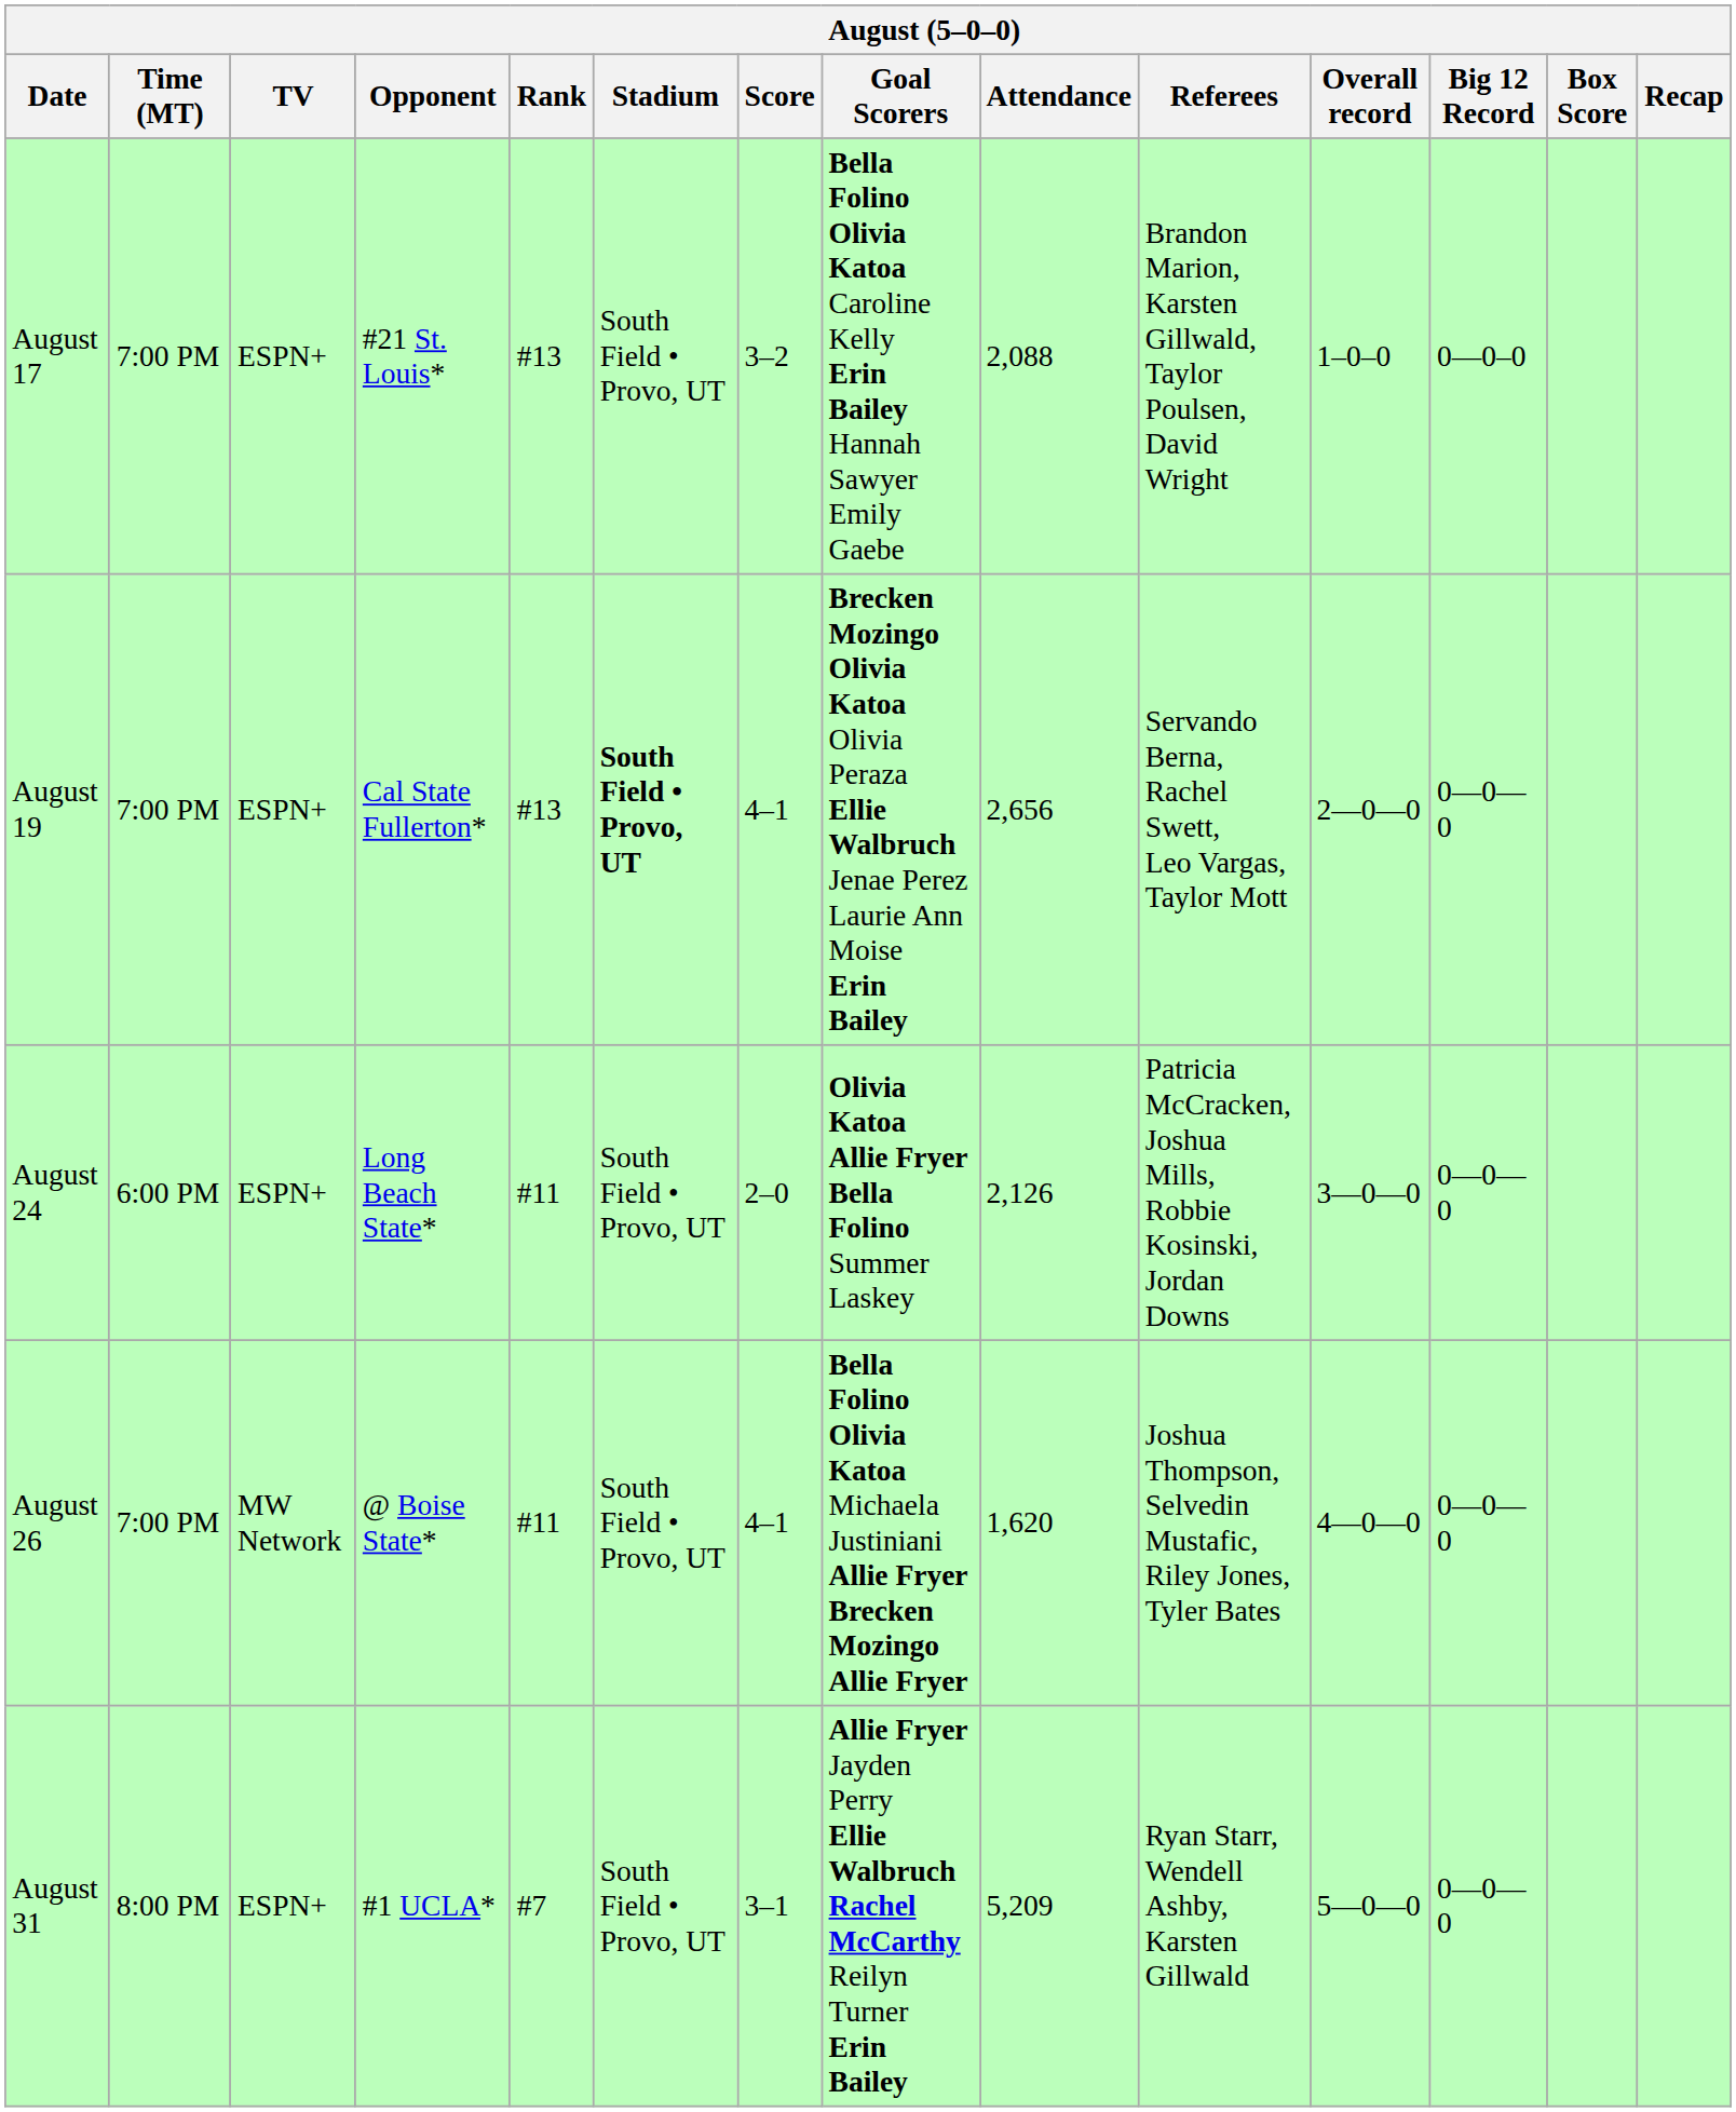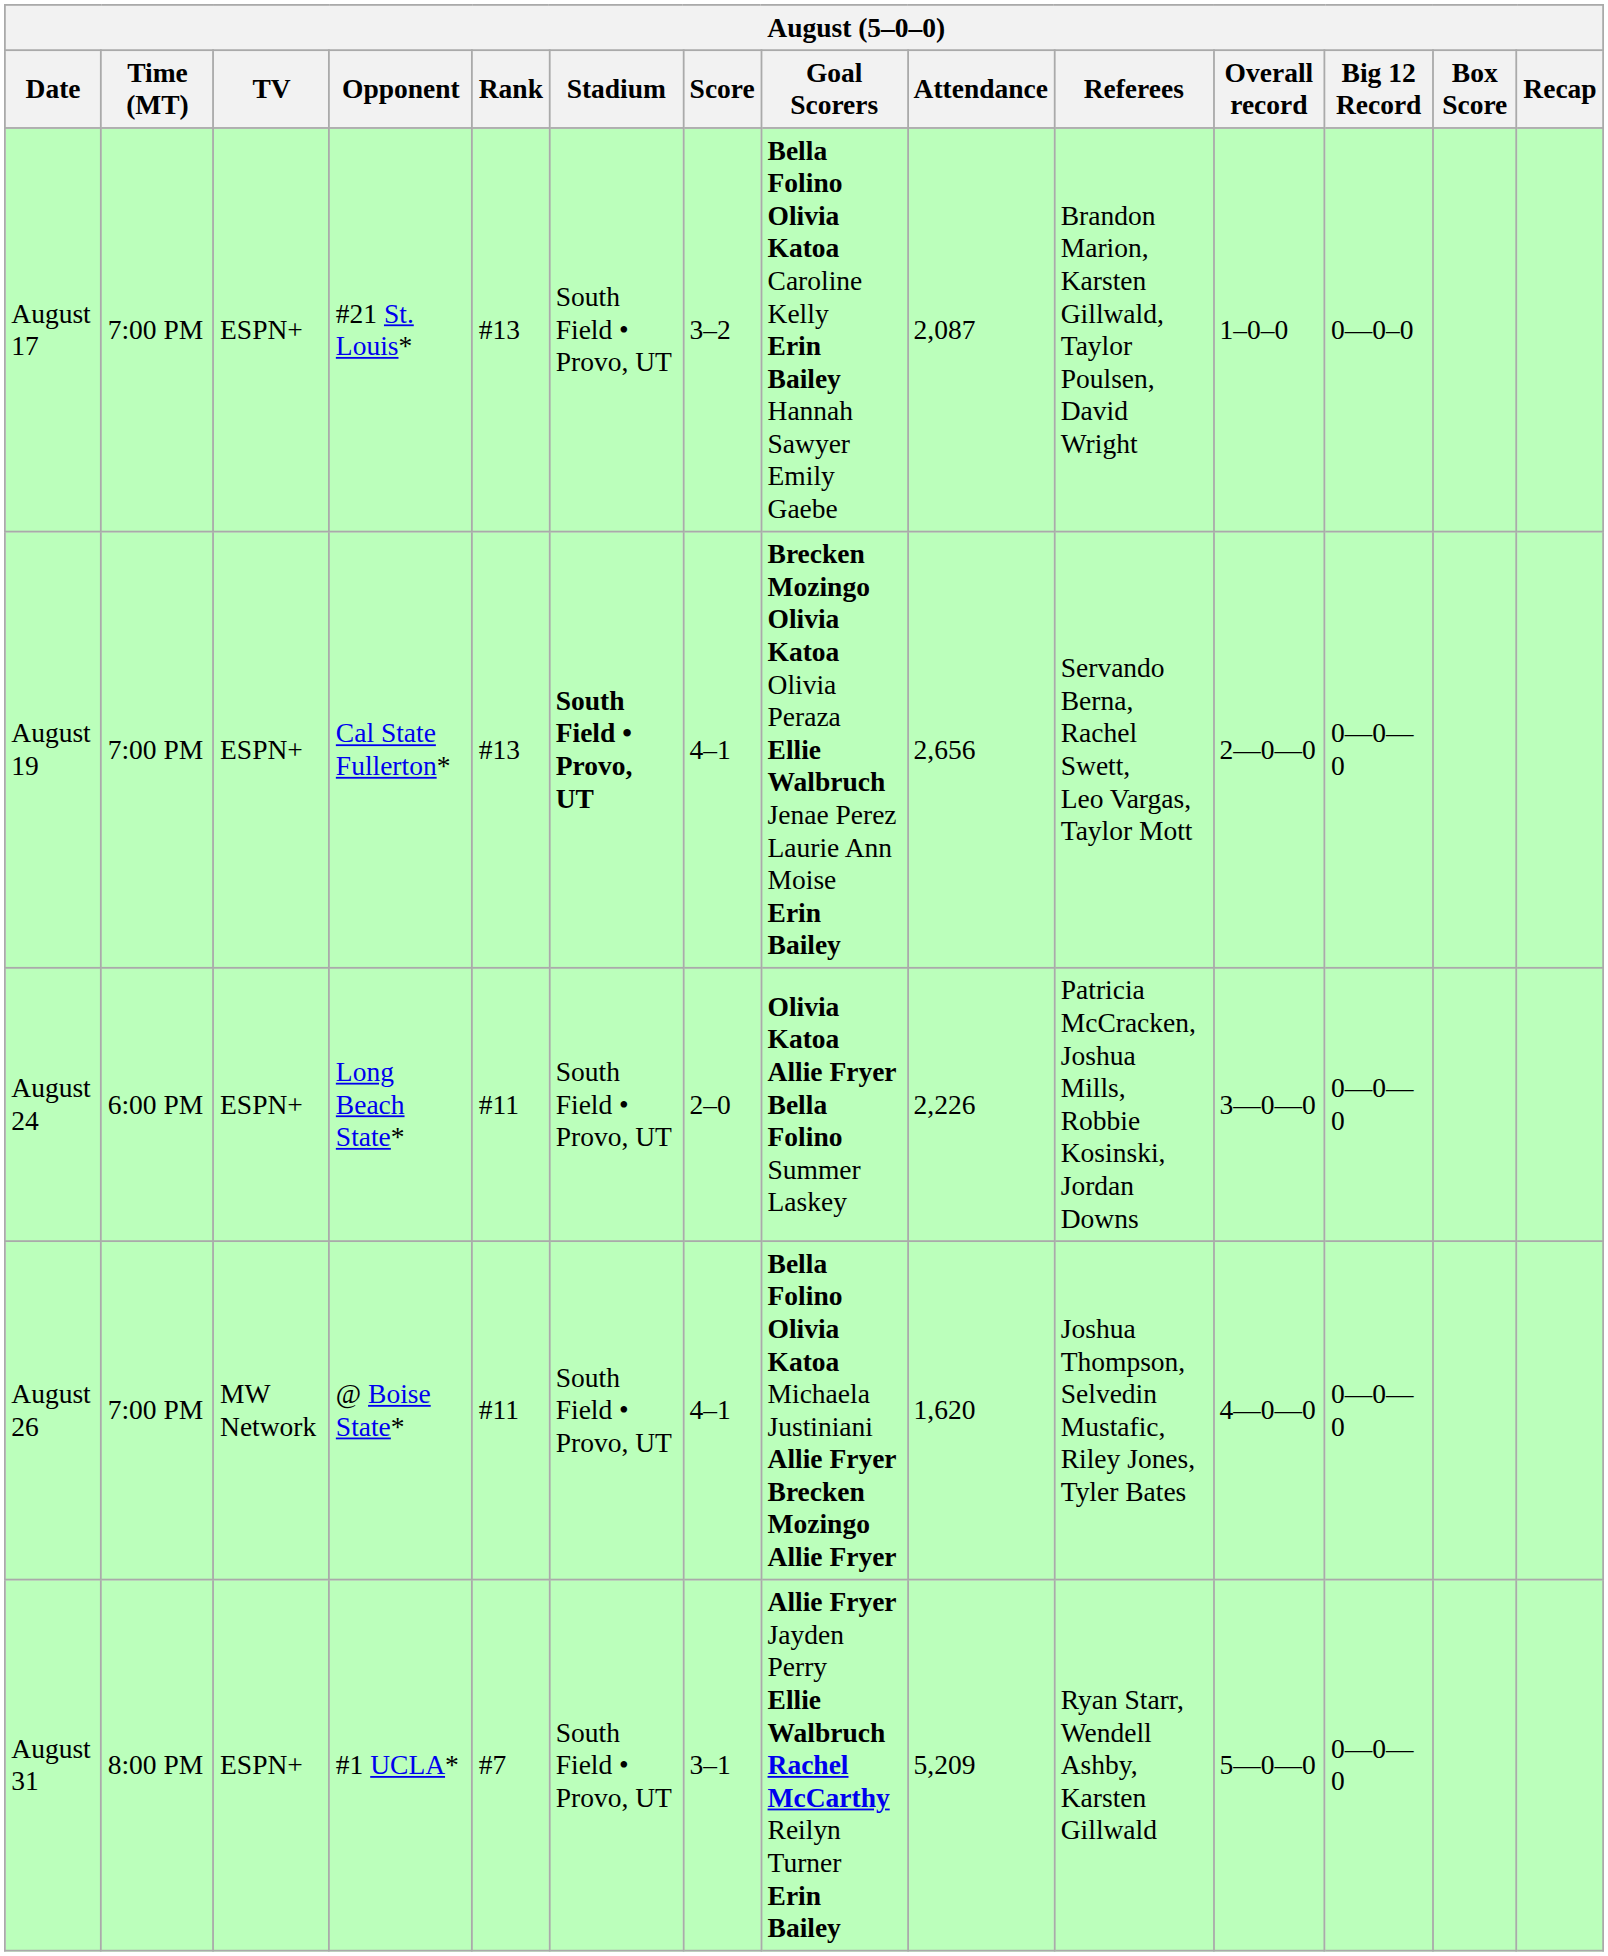 <table class="wikitable collapsible collapsed" style="margin:auto; font-size:95%; width:100%">
 <tr>
 <th colspan=14 style="padding-left:4em;">August (5–0–0)</th>
 </tr>
 <tr>
 <th>Date</th>
 <th>Time (MT)</th>
 <th>TV</th>
 <th>Opponent</th>
 <th>Rank</th>
 <th>Stadium</th>
 <th>Score</th>
 <th>Goal Scorers</th>
 <th>Attendance</th>
 <th>Referees</th>
 <th>Overall record</th>
 <th>Big 12 Record</th>
 <th>Box Score</th>
 <th>Recap</th>
 </tr>
 <tr bgcolor=bbffbb>
 <td>August 17</td>
 <td>7:00 PM</td>
 <td>ESPN+</td>
 <td>#21 <a href='#'>St. Louis</a>*</td>
 <td>#13</td>
 <td>South Field • Provo, UT</td>
 <td>3–2</td>
 <td><strong>Bella Folino</strong>  <br> <strong>Olivia Katoa</strong>  <br>  Caroline Kelly <br> <strong>Erin Bailey</strong>  <br>  Hannah Sawyer <br>  Emily Gaebe</td>
-<td>2,088</td>
+<td>2,087</td>
 <td>Brandon Marion, <br> Karsten Gillwald, <br> Taylor Poulsen, <br> David Wright</td>
 <td>1–0–0</td>
 <td>0—0–0</td>
 <td></td>
 <td></td>
 </tr>
 <tr bgcolor=bbffbb>
 <td>August 19</td>
 <td>7:00 PM</td>
 <td>ESPN+</td>
 <td><a href='#'>Cal State Fullerton</a>*</td>
 <td>#13</td>
 <td><strong>South Field • Provo, UT</strong></td>
 <td>4–1</td>
 <td><strong>Brecken Mozingo</strong>  <br> <strong>Olivia Katoa</strong>  <br>  Olivia Peraza <br> <strong>Ellie Walbruch</strong>  <br>  Jenae Perez <br>  Laurie Ann Moise <br> <strong>Erin Bailey</strong> </td>
 <td>2,656</td>
 <td>Servando Berna, <br> Rachel Swett, <br> Leo Vargas, <br> Taylor Mott</td>
 <td>2—0—0</td>
 <td>0—0—0</td>
 <td></td>
 <td></td>
 </tr>
 <tr bgcolor=bbffbb>
 <td>August 24</td>
 <td>6:00 PM</td>
 <td>ESPN+</td>
 <td><a href='#'>Long Beach State</a>*</td>
 <td>#11</td>
 <td>South Field • Provo, UT</td>
 <td>2–0</td>
 <td><strong>Olivia Katoa</strong>  <br> <strong>Allie Fryer</strong>  <br> <strong>Bella Folino</strong>  <br>  Summer Laskey</td>
-<td>2,126</td>
+<td>2,226</td>
 <td>Patricia McCracken, <br> Joshua Mills, <br> Robbie Kosinski, <br> Jordan Downs</td>
 <td>3—0—0</td>
 <td>0—0—0</td>
 <td></td>
 <td></td>
 </tr>
 <tr bgcolor=bbffbb>
 <td>August 26</td>
 <td>7:00 PM</td>
 <td>MW Network</td>
 <td>@ <a href='#'>Boise State</a>*</td>
 <td>#11</td>
 <td>South Field • Provo, UT</td>
 <td>4–1</td>
 <td><strong>Bella Folino</strong>  <br> <strong>Olivia Katoa</strong>  <br>  Michaela Justiniani <br> <strong>Allie Fryer</strong>  <br> <strong>Brecken Mozingo</strong>  <br> <strong>Allie Fryer</strong> </td>
 <td>1,620</td>
 <td>Joshua Thompson, <br> Selvedin Mustafic, <br> Riley Jones, <br> Tyler Bates</td>
 <td>4—0—0</td>
 <td>0—0—0</td>
 <td></td>
 <td></td>
 </tr>
 <tr bgcolor=bbffbb>
 <td>August 31</td>
 <td>8:00 PM</td>
 <td>ESPN+</td>
 <td>#1 <a href='#'>UCLA</a>*</td>
 <td>#7</td>
 <td>South Field • Provo, UT</td>
 <td>3–1</td>
 <td><strong>Allie Fryer</strong>  <br>  Jayden Perry <br> <strong>Ellie Walbruch</strong>  <br> <strong><a href='#'>Rachel McCarthy</a></strong>  <br>  Reilyn Turner <br> <strong>Erin Bailey</strong> </td>
 <td>5,209</td>
 <td>Ryan Starr, <br> Wendell Ashby, <br> Karsten Gillwald</td>
 <td>5—0—0</td>
 <td>0—0—0</td>
 <td></td>
 <td></td>
 </tr>
 </table>
